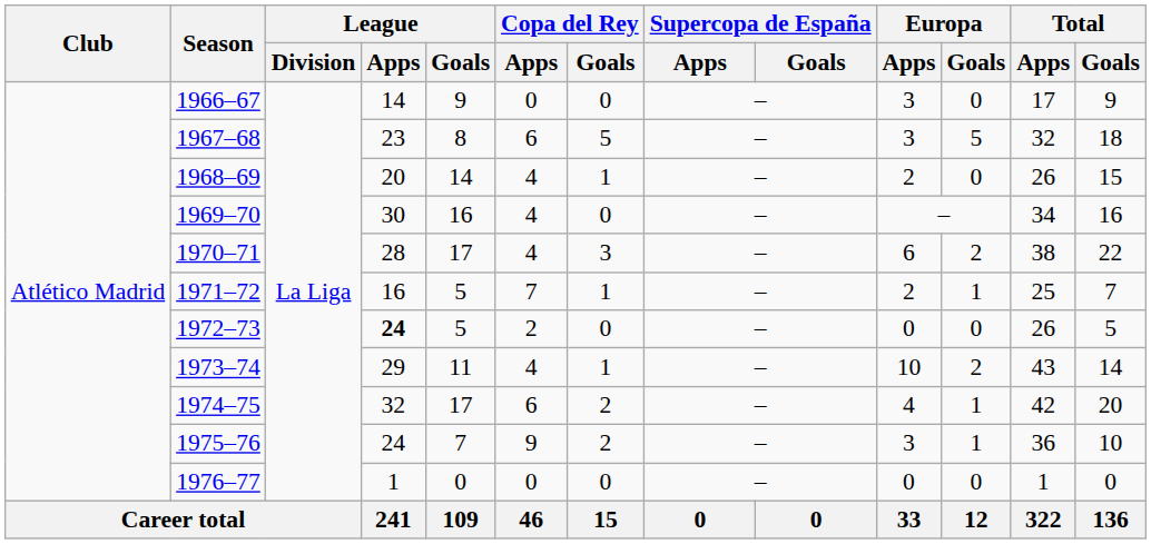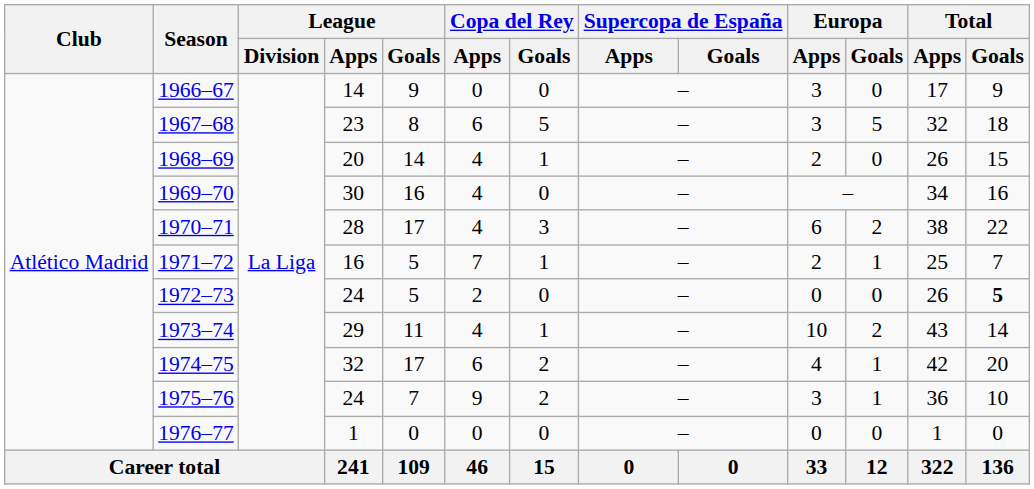 <table class="wikitable" style="text-align:center">
 <tr>
 <th rowspan="2">Club</th>
 <th rowspan="2">Season</th>
 <th colspan="3">League</th>
 <th colspan="2"><a href='#'>Copa del Rey</a></th>
 <th colspan="2"><a href='#'>Supercopa de España</a></th>
 <th colspan="2">Europa</th>
 <th colspan="2">Total</th>
 </tr>
 <tr>
 <th>Division</th>
 <th>Apps</th>
 <th>Goals</th>
 <th>Apps</th>
 <th>Goals</th>
 <th>Apps</th>
 <th>Goals</th>
 <th>Apps</th>
 <th>Goals</th>
 <th>Apps</th>
 <th>Goals</th>
 </tr>
 <tr>
 <td rowspan="11"><a href='#'>Atlético Madrid</a></td>
 <td><a href='#'>1966–67</a></td>
 <td rowspan="11"><a href='#'>La Liga</a></td>
 <td>14</td>
 <td>9</td>
 <td>0</td>
 <td>0</td>
 <td colspan="2">–</td>
 <td>3</td>
 <td>0</td>
 <td>17</td>
 <td>9</td>
 </tr>
 <tr>
 <td><a href='#'>1967–68</a></td>
 <td>23</td>
 <td>8</td>
 <td>6</td>
 <td>5</td>
 <td colspan="2">–</td>
 <td>3</td>
 <td>5</td>
 <td>32</td>
 <td>18</td>
 </tr>
 <tr>
 <td><a href='#'>1968–69</a></td>
 <td>20</td>
 <td>14</td>
 <td>4</td>
 <td>1</td>
 <td colspan="2">–</td>
 <td>2</td>
 <td>0</td>
 <td>26</td>
 <td>15</td>
 </tr>
 <tr>
 <td><a href='#'>1969–70</a></td>
 <td>30</td>
 <td>16</td>
 <td>4</td>
 <td>0</td>
 <td colspan="2">–</td>
 <td colspan="2">–</td>
 <td>34</td>
 <td>16</td>
 </tr>
 <tr>
 <td><a href='#'>1970–71</a></td>
 <td>28</td>
 <td>17</td>
 <td>4</td>
 <td>3</td>
 <td colspan="2">–</td>
 <td>6</td>
 <td>2</td>
 <td>38</td>
 <td>22</td>
 </tr>
 <tr>
 <td><a href='#'>1971–72</a></td>
 <td>16</td>
 <td>5</td>
 <td>7</td>
 <td>1</td>
 <td colspan="2">–</td>
 <td>2</td>
 <td>1</td>
 <td>25</td>
 <td>7</td>
 </tr>
 <tr>
 <td><a href='#'>1972–73</a></td>
-<td><strong>24</strong></td>
+<td>24</td>
 <td>5</td>
 <td>2</td>
 <td>0</td>
 <td colspan="2">–</td>
 <td>0</td>
 <td>0</td>
 <td>26</td>
-<td>5</td>
+<td><strong>5</strong></td>
 </tr>
 <tr>
 <td><a href='#'>1973–74</a></td>
 <td>29</td>
 <td>11</td>
 <td>4</td>
 <td>1</td>
 <td colspan="2">–</td>
 <td>10</td>
 <td>2</td>
 <td>43</td>
 <td>14</td>
 </tr>
 <tr>
 <td><a href='#'>1974–75</a></td>
 <td>32</td>
 <td>17</td>
 <td>6</td>
 <td>2</td>
 <td colspan="2">–</td>
 <td>4</td>
 <td>1</td>
 <td>42</td>
 <td>20</td>
 </tr>
 <tr>
 <td><a href='#'>1975–76</a></td>
 <td>24</td>
 <td>7</td>
 <td>9</td>
 <td>2</td>
 <td colspan="2">–</td>
 <td>3</td>
 <td>1</td>
 <td>36</td>
 <td>10</td>
 </tr>
 <tr>
 <td><a href='#'>1976–77</a></td>
 <td>1</td>
 <td>0</td>
 <td>0</td>
 <td>0</td>
 <td colspan="2">–</td>
 <td>0</td>
 <td>0</td>
 <td>1</td>
 <td>0</td>
 </tr>
 <tr>
 <th colspan="3">Career total</th>
 <th>241</th>
 <th>109</th>
 <th>46</th>
 <th>15</th>
 <th>0</th>
 <th>0</th>
 <th>33</th>
 <th>12</th>
 <th>322</th>
 <th>136</th>
 </tr>
 </table>
